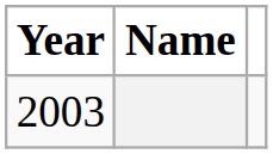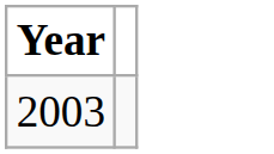 <table class="wikitable sortable plainrowheaders" style="text-align:center">
 <tr>
 <th scope="col" style="background-color:#ffffff; border-top:#">Year</th>
-<th scope="col" style="background-color:#ffffff; border-top:#">Name</th>
 <th scope="col" class="unsortable" style="background-color:#ffffff; border-top:#"></th>
 </tr>
 <tr>
 <td>2003</td>
-<th scope="row" style="text-align:center"></th>
 <td></td>
 </tr>
 </table>
